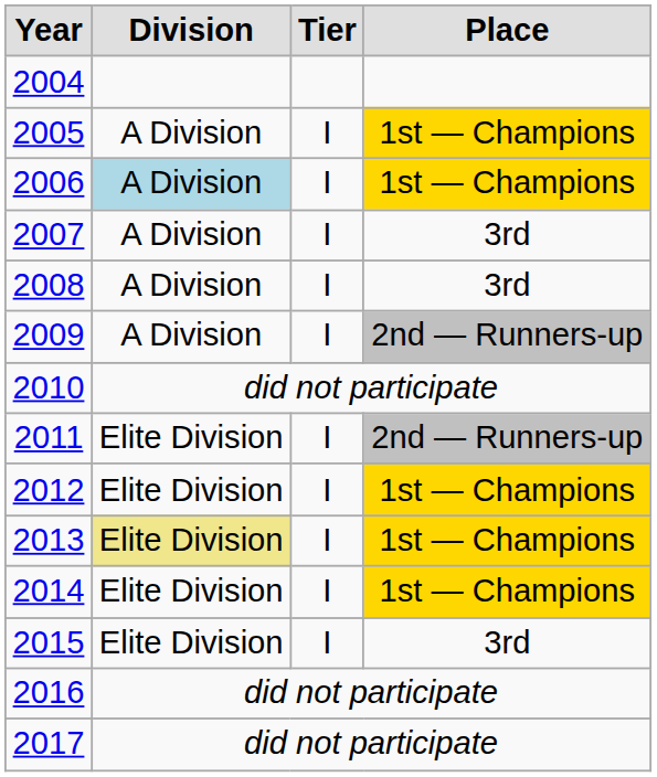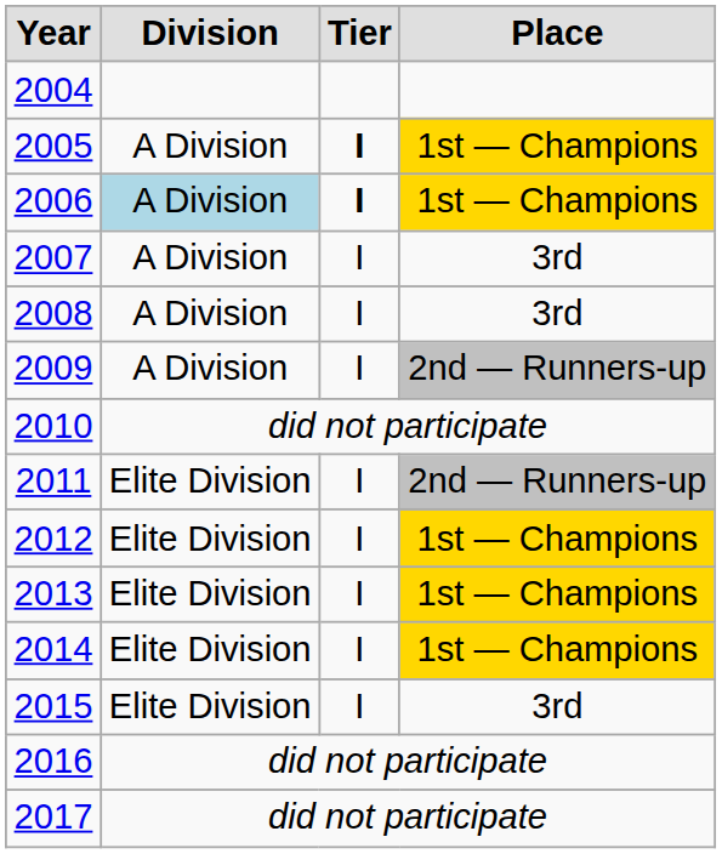 <table class="wikitable">
 <tr style="text-align:center; background:#dfdfdf;">
 <td><strong>Year</strong></td>
 <td><strong>Division</strong></td>
 <td><strong>Tier</strong></td>
 <td><strong>Place</strong></td>
 </tr>
 <tr style="text-align:center;">
 <td><a href='#'>2004</a></td>
 <td></td>
 <td></td>
 <td></td>
 </tr>
 <tr style="text-align:center;">
 <td><a href='#'>2005</a></td>
 <td>A Division</td>
-<td>I</td>
+<td><strong>I</strong></td>
 <td bgcolor="#FFD700">1st — Champions</td>
 </tr>
 <tr style="text-align:center;">
 <td><a href='#'>2006</a></td>
 <td style="background: lightblue;">A Division</td>
-<td>I</td>
+<td><strong>I</strong></td>
 <td bgcolor="#FFD700">1st — Champions</td>
 </tr>
 <tr style="text-align:center;">
 <td><a href='#'>2007</a></td>
 <td>A Division</td>
 <td>I</td>
 <td>3rd</td>
 </tr>
 <tr style="text-align:center;">
 <td><a href='#'>2008</a></td>
 <td>A Division</td>
 <td>I</td>
 <td>3rd</td>
 </tr>
 <tr style="text-align:center;">
 <td><a href='#'>2009</a></td>
 <td>A Division</td>
 <td>I</td>
 <td bgcolor=silver>2nd — Runners-up</td>
 </tr>
 <tr style="text-align:center;">
 <td><a href='#'>2010</a></td>
 <td colspan=3><em>did not participate</em></td>
 </tr>
 <tr style="text-align:center;">
 <td><a href='#'>2011</a></td>
 <td>Elite Division</td>
 <td>I</td>
 <td bgcolor=silver>2nd — Runners-up</td>
 </tr>
 <tr style="text-align:center;">
 <td><a href='#'>2012</a></td>
 <td>Elite Division</td>
 <td>I</td>
 <td bgcolor="#FFD700">1st — Champions</td>
 </tr>
 <tr style="text-align:center;">
 <td><a href='#'>2013</a></td>
-<td style="background: khaki;">Elite Division</td>
+<td>Elite Division</td>
 <td>I</td>
 <td bgcolor="#FFD700">1st — Champions</td>
 </tr>
 <tr style="text-align:center;">
 <td><a href='#'>2014</a></td>
 <td>Elite Division</td>
 <td>I</td>
 <td bgcolor="#FFD700">1st — Champions</td>
 </tr>
 <tr style="text-align:center;">
 <td><a href='#'>2015</a></td>
 <td>Elite Division</td>
 <td>I</td>
 <td>3rd</td>
 </tr>
 <tr style="text-align:center;">
 <td><a href='#'>2016</a></td>
 <td colspan=3><em>did not participate</em></td>
 </tr>
 <tr style="text-align:center;">
 <td><a href='#'>2017</a></td>
 <td colspan=3><em>did not participate</em></td>
 </tr>
 </table>
